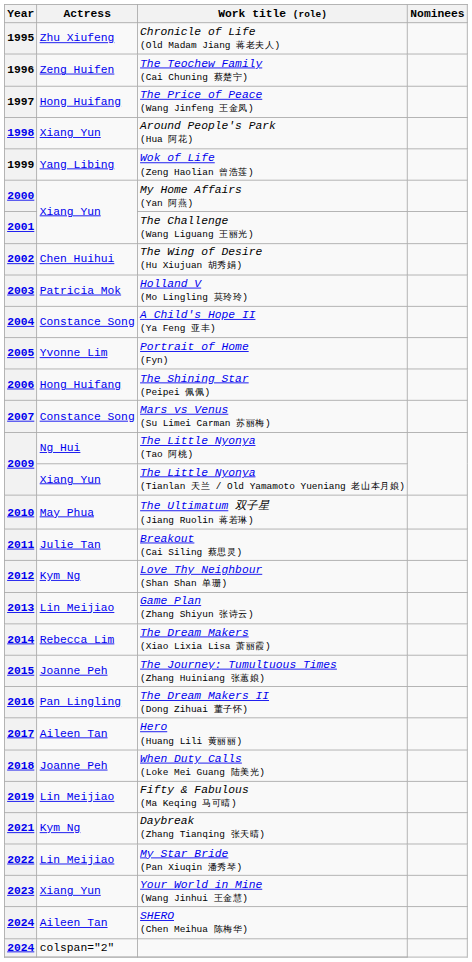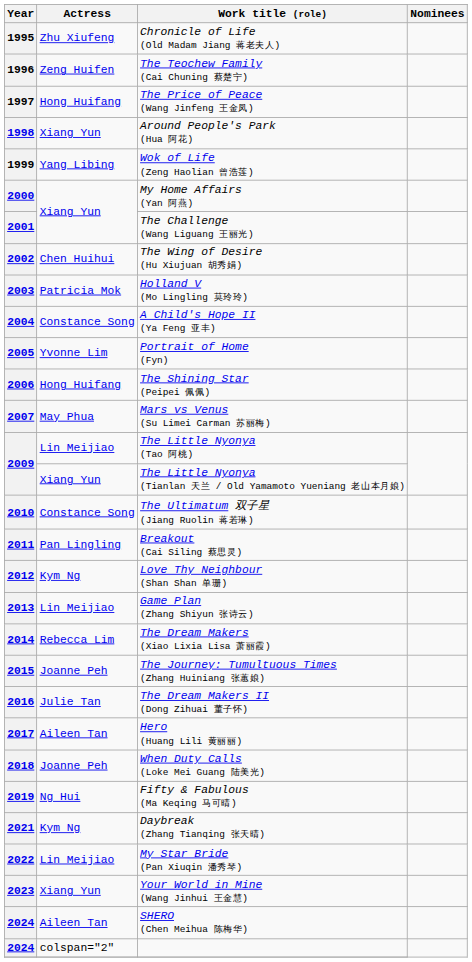 <table class="wikitable sortable">
 <tr>
 <th>Year</th>
 <th>Actress</th>
 <th>Work title <small>(role)</small></th>
 <th>Nominees</th>
 </tr>
 <tr>
 <th scope="row">1995</th>
 <td><a href='#'>Zhu Xiufeng</a></td>
 <td><em>Chronicle of Life</em><br><small>(Old Madam Jiang 蒋老夫人)</small></td>
 <td></td>
 </tr>
 <tr>
 <th scope="row">1996</th>
 <td><a href='#'>Zeng Huifen</a></td>
 <td><em><a href='#'>The Teochew Family</a> </em><br><small>(Cai Chuning 蔡楚宁)</small></td>
 <td></td>
 </tr>
 <tr>
 <th scope="row">1997</th>
 <td><a href='#'>Hong Huifang</a></td>
 <td><em><a href='#'>The Price of Peace</a></em><br><small>(Wang Jinfeng 王金凤)</small></td>
 <td></td>
 </tr>
 <tr>
 <th scope="row"><a href='#'>1998</a></th>
 <td><a href='#'>Xiang Yun</a></td>
 <td><em>Around People's Park</em><br><small>(Hua 阿花)</small></td>
 <td></td>
 </tr>
 <tr>
 <th scope="row">1999</th>
 <td><a href='#'>Yang Libing</a></td>
 <td><em><a href='#'>Wok of Life</a></em><br><small>(Zeng Haolian 曾浩莲)</small></td>
 <td></td>
 </tr>
 <tr>
 <th scope="row"><a href='#'>2000</a></th>
 <td rowspan=2><a href='#'>Xiang Yun</a></td>
 <td><em>My Home Affairs</em><br><small>(Yan 阿燕)</small></td>
 <td></td>
 </tr>
 <tr>
 <th scope="row"><a href='#'>2001</a></th>
 <td><em>The Challenge</em><br><small>(Wang Liguang 王丽光)</small></td>
 <td></td>
 </tr>
 <tr>
 <th scope="row"><a href='#'>2002</a></th>
 <td><a href='#'>Chen Huihui</a></td>
 <td><em>The Wing of Desire</em><br><small>(Hu Xiujuan 胡秀娟)</small></td>
 <td></td>
 </tr>
 <tr>
 <th scope="row"><a href='#'>2003</a></th>
 <td><a href='#'>Patricia Mok</a></td>
 <td><em><a href='#'>Holland V</a></em><br><small>(Mo Lingling 莫玲玲)</small></td>
 <td></td>
 </tr>
 <tr>
 <th scope="row"><a href='#'>2004</a></th>
 <td><a href='#'>Constance Song</a></td>
 <td><em><a href='#'>A Child's Hope II</a></em><br><small>(Ya Feng 亚丰)</small></td>
 <td></td>
 </tr>
 <tr>
 <th scope="row"><a href='#'>2005</a></th>
 <td><a href='#'>Yvonne Lim</a></td>
 <td><em><a href='#'>Portrait of Home</a> </em><br><small>(Fyn)</small></td>
 <td></td>
 </tr>
 <tr>
 <th scope="row"><a href='#'>2006</a></th>
 <td><a href='#'>Hong Huifang</a></td>
 <td><em><a href='#'>The Shining Star</a></em><br><small>(Peipei 佩佩)</small></td>
 <td></td>
 </tr>
 <tr>
 <th scope="row"><a href='#'>2007</a></th>
-<td><a href='#'>Constance Song</a></td>
+<td><a href='#'>May Phua</a></td>
 <td><em><a href='#'>Mars vs Venus</a></em><br><small>(Su Limei Carman 苏丽梅)</small></td>
 <td></td>
 </tr>
 <tr>
 <th scope="row" rowspan=2><a href='#'>2009</a></th>
-<td><a href='#'>Ng Hui</a></td>
+<td><a href='#'>Lin Meijiao</a></td>
 <td><em><a href='#'>The Little Nyonya</a></em><br><small>(Tao 阿桃)</small></td>
 <td rowspan=2></td>
 </tr>
 <tr>
 <td><a href='#'>Xiang Yun</a></td>
 <td><em><a href='#'>The Little Nyonya</a></em><br><small>(Tianlan 天兰 / Old Yamamoto Yueniang 老山本月娘)</small></td>
 </tr>
 <tr>
 <th scope="row"><a href='#'>2010</a></th>
-<td><a href='#'>May Phua</a></td>
+<td><a href='#'>Constance Song</a></td>
 <td><em><a href='#'>The Ultimatum</a> 双子星</em><br><small>(Jiang Ruolin 蒋若琳)</small></td>
 <td></td>
 </tr>
 <tr>
 <th scope="row"><a href='#'>2011</a></th>
-<td><a href='#'>Julie Tan</a></td>
+<td><a href='#'>Pan Lingling</a></td>
 <td><em><a href='#'>Breakout</a></em><br><small>(Cai Siling 蔡思灵)</small></td>
 <td></td>
 </tr>
 <tr>
 <th scope="row"><a href='#'>2012</a></th>
 <td><a href='#'>Kym Ng</a></td>
 <td><em><a href='#'>Love Thy Neighbour</a></em><br><small>(Shan Shan 单珊)</small></td>
 <td></td>
 </tr>
 <tr>
 <th scope="row"><a href='#'>2013</a></th>
 <td><a href='#'>Lin Meijiao</a></td>
 <td><em><a href='#'>Game Plan</a></em><br><small>(Zhang Shiyun 张诗云)</small></td>
 <td></td>
 </tr>
 <tr>
 <th scope="row"><a href='#'>2014</a></th>
 <td><a href='#'>Rebecca Lim</a></td>
 <td><em><a href='#'>The Dream Makers</a></em><br><small>(Xiao Lixia Lisa 萧丽霞)</small></td>
 <td></td>
 </tr>
 <tr>
 <th scope="row"><a href='#'>2015</a></th>
 <td><a href='#'>Joanne Peh</a></td>
 <td><em><a href='#'>The Journey: Tumultuous Times</a></em><br><small>(Zhang Huiniang 张蕙娘)</small></td>
 <td></td>
 </tr>
 <tr>
 <th scope="row"><a href='#'>2016</a></th>
-<td><a href='#'>Pan Lingling</a></td>
+<td><a href='#'>Julie Tan</a></td>
 <td><em><a href='#'>The Dream Makers II</a></em><br><small>(Dong Zihuai 董子怀)</small></td>
 <td></td>
 </tr>
 <tr>
 <th scope="row"><a href='#'>2017</a></th>
 <td><a href='#'>Aileen Tan</a></td>
 <td><em><a href='#'>Hero</a></em><br><small>(Huang Lili 黄丽丽)</small></td>
 <td></td>
 </tr>
 <tr>
 <th scope="row"><a href='#'>2018</a></th>
 <td><a href='#'>Joanne Peh</a></td>
 <td><em><a href='#'>When Duty Calls</a></em><br><small>(Loke Mei Guang 陆美光)</small></td>
 <td></td>
 </tr>
 <tr>
 <th scope="row"><a href='#'>2019</a></th>
-<td><a href='#'>Lin Meijiao</a></td>
+<td><a href='#'>Ng Hui</a></td>
 <td><em>Fifty & Fabulous</em><br><small>(Ma Keqing 马可晴)</small></td>
 <td></td>
 </tr>
 <tr>
 <th scope="row"><a href='#'>2021</a></th>
 <td><a href='#'>Kym Ng</a></td>
 <td><em>Daybreak</em><br><small>(Zhang Tianqing 张天晴)</small></td>
 <td></td>
 </tr>
 <tr>
 <th scope="row"><a href='#'>2022</a></th>
 <td><a href='#'>Lin Meijiao</a></td>
 <td><em><a href='#'>My Star Bride</a></em><br><small>(Pan Xiuqin 潘秀琴)</small></td>
 <td></td>
 </tr>
 <tr>
 <th scope="row"><a href='#'>2023</a></th>
 <td><a href='#'>Xiang Yun</a></td>
 <td><em><a href='#'>Your World in Mine</a></em><br><small>(Wang Jinhui 王金慧)</small></td>
 <td></td>
 </tr>
 <tr>
 <th scope="row"><a href='#'>2024</a></th>
 <td><a href='#'>Aileen Tan</a></td>
 <td><em><a href='#'>SHERO</a></em><br><small>(Chen Meihua 陈梅华)</small></td>
 <td></td>
 </tr>
 <tr>
 <th scope="row"><a href='#'>2024</a></th>
 <td>colspan="2" </td>
 <td></td>
 </tr>
 <tr>
 </tr>
 </table>
